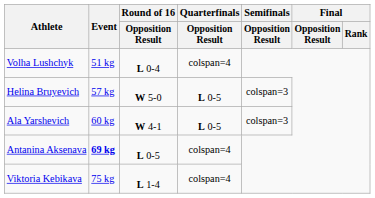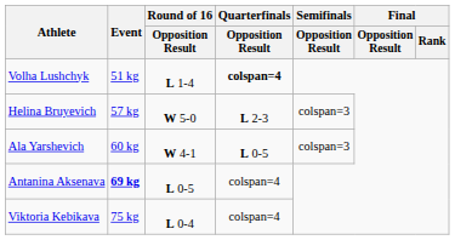 <table class="wikitable" style="text-align:center; font-size:90%">
 <tr>
 <th rowspan=2>Athlete</th>
 <th rowspan=2>Event</th>
 <th>Round of 16</th>
 <th>Quarterfinals</th>
 <th>Semifinals</th>
 <th colspan=2>Final</th>
 </tr>
 <tr style="font-size:95%">
 <th>Opposition<br>Result</th>
 <th>Opposition<br>Result</th>
 <th>Opposition<br>Result</th>
 <th>Opposition<br>Result</th>
 <th>Rank</th>
 </tr>
 <tr>
 <td align=left><a href='#'>Volha Lushchyk</a></td>
 <td align=left><a href='#'>51 kg</a></td>
-<td><br><strong>L</strong> 0-4</td>
-<td>colspan=4 </td>
+<td><br><strong>L</strong> 1-4</td>
+<td><strong>colspan=4 </strong></td>
 </tr>
 <tr>
 <td align=left><a href='#'>Helina Bruyevich</a></td>
 <td align=left><a href='#'>57 kg</a></td>
 <td><br><strong>W</strong> 5-0</td>
-<td><br><strong>L</strong> 0-5</td>
+<td><br><strong>L</strong> 2-3</td>
 <td>colspan=3 </td>
 </tr>
 <tr>
 <td align=left><a href='#'>Ala Yarshevich</a></td>
 <td align=left><a href='#'>60 kg</a></td>
 <td><br><strong>W</strong> 4-1</td>
 <td><br><strong>L</strong> 0-5</td>
 <td>colspan=3 </td>
 </tr>
 <tr>
 <td align=left><a href='#'>Antanina Aksenava</a></td>
 <td align=left><strong><a href='#'>69 kg</a></strong></td>
 <td><br><strong>L</strong> 0-5</td>
 <td>colspan=4 </td>
 </tr>
 <tr>
 <td align=left><a href='#'>Viktoria Kebikava </a></td>
 <td align=left><a href='#'>75 kg</a></td>
-<td><br><strong>L</strong> 1-4</td>
+<td><br><strong>L</strong> 0-4</td>
 <td>colspan=4 </td>
 </tr>
 </table>
